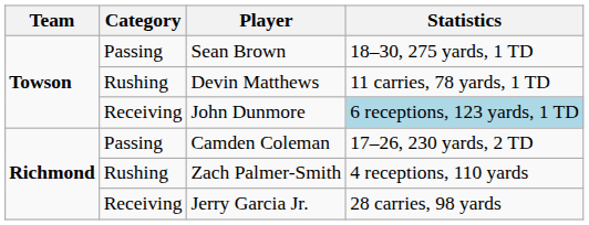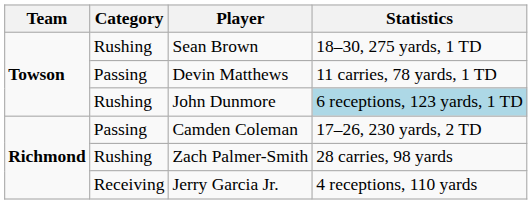 <table class="wikitable" style="float: right;">
 <tr>
 <th>Team</th>
 <th>Category</th>
 <th>Player</th>
 <th>Statistics</th>
 </tr>
 <tr>
 <td rowspan=3><strong>Towson</strong></td>
-<td>Passing</td>
+<td>Rushing</td>
 <td>Sean Brown</td>
 <td>18–30, 275 yards, 1 TD</td>
 </tr>
 <tr>
-<td>Rushing</td>
+<td>Passing</td>
 <td>Devin Matthews</td>
 <td>11 carries, 78 yards, 1 TD</td>
 </tr>
 <tr>
-<td>Receiving</td>
+<td>Rushing</td>
 <td>John Dunmore</td>
 <td style="background: lightblue;">6 receptions, 123 yards, 1 TD</td>
 </tr>
 <tr>
 <td rowspan=3><strong>Richmond</strong></td>
 <td>Passing</td>
 <td>Camden Coleman</td>
 <td>17–26, 230 yards, 2 TD</td>
 </tr>
 <tr>
 <td>Rushing</td>
 <td>Zach Palmer-Smith</td>
-<td>4 receptions, 110 yards</td>
+<td>28 carries, 98 yards</td>
 </tr>
 <tr>
 <td>Receiving</td>
 <td>Jerry Garcia Jr.</td>
-<td>28 carries, 98 yards</td>
+<td>4 receptions, 110 yards</td>
 </tr>
 </table>
